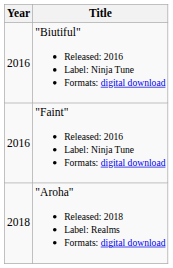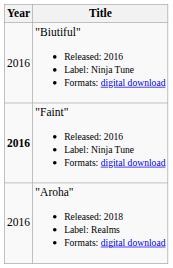 <table class="wikitable">
 <tr>
 <th>Year</th>
 <th>Title</th>
 </tr>
 <tr>
 <td>2016</td>
 <td>"Biutiful"<br><ul><li><small>Released: 2016</small></li><li><small>Label: Ninja Tune</small></li><li><small>Formats: <a href='#'>digital download</a></small></li></ul></td>
 </tr>
 <tr>
-<td>2016</td>
+<td><strong>2016</strong></td>
 <td>"Faint"<br><ul><li><small>Released: 2016</small></li><li><small>Label: Ninja Tune</small></li><li><small>Formats: <a href='#'>digital download</a></small></li></ul></td>
 </tr>
 <tr>
-<td>2018</td>
+<td>2016</td>
 <td>"Aroha"<br><ul><li><small>Released: 2018</small></li><li><small>Label: Realms</small></li><li><small>Formats: <a href='#'>digital download</a></small></li></ul></td>
 </tr>
 </table>
